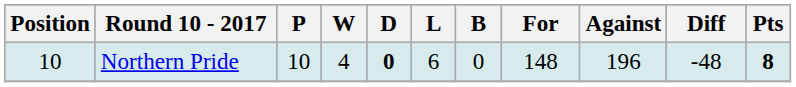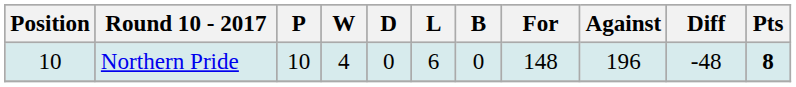 <table class="wikitable" style="text-align:center; font-size:85%;">
 <tr>
 <th width=40 abbr="Position">Position</th>
 <th width=100>Round 10 - 2017</th>
 <th width=20 abbr="Played">P</th>
 <th width=20 abbr="Won">W</th>
 <th width=20 abbr="Drawn">D</th>
 <th width=20 abbr="Lost">L</th>
 <th width=20 abbr="Bye">B</th>
 <th width=40 abbr="Points for">For</th>
 <th width=40 abbr="Points against">Against</th>
 <th width=40 abbr="Points difference">Diff</th>
 <th width=20 abbr="Points">Pts</th>
 </tr>
 <tr style="background: #d7ebed;">
 <td>10</td>
 <td style="text-align:left;"> <a href='#'>Northern Pride</a></td>
 <td>10</td>
 <td>4</td>
-<td><strong>0</strong></td>
+<td>0</td>
 <td>6</td>
 <td>0</td>
 <td>148</td>
 <td>196</td>
 <td>-48</td>
 <td><strong>8</strong></td>
 </tr>
 <tr>
 </tr>
 </table>
